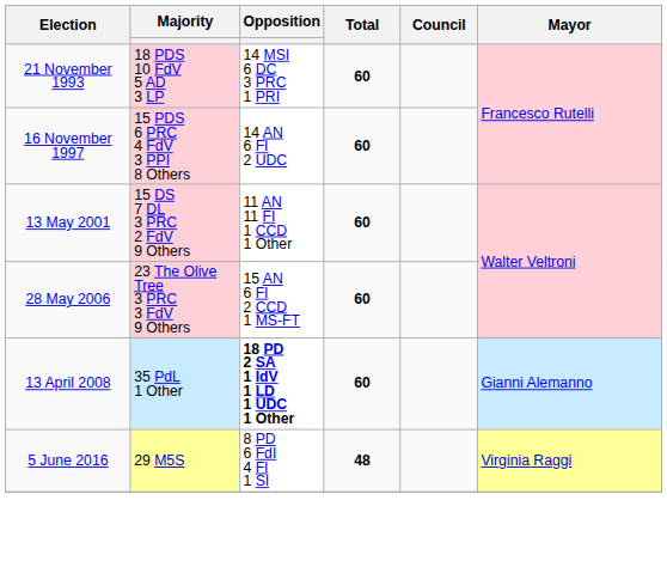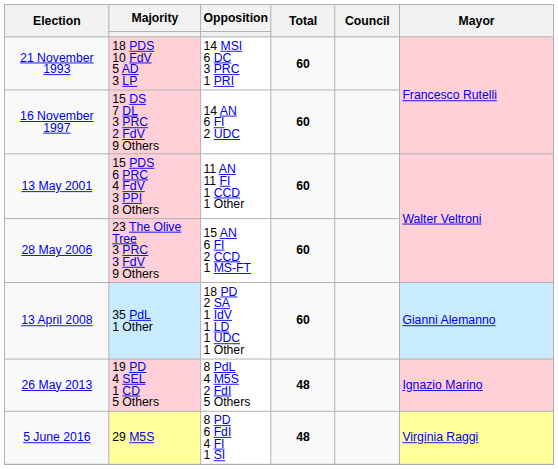 <table class="wikitable" style="text-align:center;font-size:85%;line-height:13px">
 <tr style="height:30px; background-color:#E9E9E9">
 <th style="width:110px;" rowspan="2">Election</th>
 <th style="width:95px;">Majority</th>
 <th style="width:65px;">Opposition</th>
 <th style="width:65px;" rowspan="2">Total</th>
 <th style="width:65px;" rowspan="2">Council</th>
 <th style="width:165px;" rowspan="2">Mayor</th>
 </tr>
 <tr>
 <th style="background:"></th>
 <th style="background:"></th>
 </tr>
 <tr>
 <td><a href='#'>21 November 1993</a></td>
 <td style="background:#FFD0D7; text-align:left;">18 <a href='#'>PDS</a><br>10 <a href='#'>FdV</a><br>5 <a href='#'>AD</a><br>3 <a href='#'>LP</a></td>
 <td style="background:white; text-align:left;">14 <a href='#'>MSI</a> <br>6 <a href='#'>DC</a> <br>3 <a href='#'>PRC</a> <br> 1 <a href='#'>PRI</a></td>
 <td><strong>60</strong></td>
 <td></td>
 <td rowspan="2" style="background:#FFD0D7; text-align:left;"> <a href='#'>Francesco Rutelli</a></td>
 </tr>
 <tr>
 <td><a href='#'>16 November 1997</a></td>
-<td style="background:#FFD0D7; text-align:left;">15 <a href='#'>PDS</a> <br> 6 <a href='#'>PRC</a> <br>4 <a href='#'>FdV</a> <br>3 <a href='#'>PPI</a> <br> 8 Others</td>
+<td style="background:#FFD0D7; text-align:left;">15 <a href='#'>DS</a> <br> 7 <a href='#'>DL</a> <br> 3 <a href='#'>PRC</a> <br> 2 <a href='#'>FdV</a>  <br>9 Others</td>
 <td style="background:white; text-align:left;">14 <a href='#'>AN</a> <br>6 <a href='#'>FI</a><br>2 <a href='#'>UDC</a></td>
 <td><strong>60</strong></td>
 <td></td>
 </tr>
 <tr>
 <td><a href='#'>13 May 2001</a></td>
-<td style="background:#FFD0D7; text-align:left;">15 <a href='#'>DS</a> <br> 7 <a href='#'>DL</a> <br> 3 <a href='#'>PRC</a> <br> 2 <a href='#'>FdV</a>  <br>9 Others</td>
+<td style="background:#FFD0D7; text-align:left;">15 <a href='#'>PDS</a> <br> 6 <a href='#'>PRC</a> <br>4 <a href='#'>FdV</a> <br>3 <a href='#'>PPI</a> <br> 8 Others</td>
 <td style="background:white; text-align:left;">11 <a href='#'>AN</a> <br>11 <a href='#'>FI</a><br>1 <a href='#'>CCD</a> <br>1 Other</td>
 <td><strong>60</strong></td>
 <td></td>
 <td rowspan="2" style="background:#FFD0D7; text-align:left;"> <a href='#'>Walter Veltroni</a></td>
 </tr>
 <tr>
 <td><a href='#'>28 May 2006</a></td>
 <td style="background:#FFD0D7; text-align:left;">23 <a href='#'>The Olive Tree</a> <br> 3 <a href='#'>PRC</a> <br> 3 <a href='#'>FdV</a> <br> 9 Others</td>
 <td style="background:white; text-align:left;">15 <a href='#'>AN</a> <br>6 <a href='#'>FI</a><br>2 <a href='#'>CCD</a><br>1 <a href='#'>MS-FT</a></td>
 <td><strong>60</strong></td>
 <td></td>
 </tr>
 <tr>
 <td><a href='#'>13 April 2008</a></td>
 <td style="background:#C8EBFF; text-align:left;">35 <a href='#'>PdL</a> <br>1 Other</td>
-<td style="background:white; text-align:left;"><strong>18 <a href='#'>PD</a> <br> 2 <a href='#'>SA</a> <br> 1 <a href='#'>IdV</a> <br>1 <a href='#'>LD</a> <br>1 <a href='#'>UDC</a><br>1 Other</strong></td>
+<td style="background:white; text-align:left;">18 <a href='#'>PD</a> <br> 2 <a href='#'>SA</a> <br> 1 <a href='#'>IdV</a> <br>1 <a href='#'>LD</a> <br>1 <a href='#'>UDC</a><br>1 Other</td>
 <td><strong>60</strong></td>
 <td></td>
 <td style="background:#C8EBFF; text-align:left;"> <a href='#'>Gianni Alemanno</a></td>
+</tr>
+<tr>
+<td><a href='#'>26 May 2013</a></td>
+<td style="background:#FFD0D7; text-align:left;">19 <a href='#'>PD</a> <br> 4 <a href='#'>SEL</a> <br> 1 <a href='#'>CD</a> <br>5 Others</td>
+<td style="background:white; text-align:left;">8 <a href='#'>PdL</a> <br>4 <a href='#'>M5S</a><br>2 <a href='#'>FdI</a><br>5 Others</td>
+<td><strong>48</strong></td>
+<td></td>
+<td style="background:#FFD0D7; text-align:left;"> <a href='#'>Ignazio Marino</a></td>
 </tr>
 <tr>
 <td><a href='#'>5 June 2016</a></td>
 <td style="background:#FFFF99; text-align:left;">29 <a href='#'>M5S</a></td>
 <td style="background:white; text-align:left;">8 <a href='#'>PD</a> <br> 6 <a href='#'>FdI</a> <br>4 <a href='#'>FI</a> <br> 1 <a href='#'>SI</a></td>
 <td><strong>48</strong></td>
 <td></td>
 <td style="background:#FFFF99; text-align:left;"> <a href='#'>Virginia Raggi</a></td>
 </tr>
 <tr>
 </tr>
 </table>
